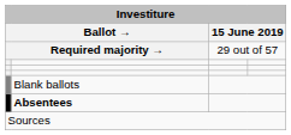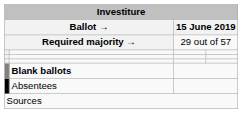 <table class="wikitable" style="text-align:center;">
 <tr bgcolor="#E9E9E9">
 <td colspan="4" align="center" bgcolor="#C0C0C0"><strong>Investiture</strong></td>
 </tr>
 <tr>
 <th colspan="2" width="275px">Ballot →</th>
 <th colspan="2">15 June 2019</th>
 </tr>
 <tr>
 <th colspan="2">Required majority →</th>
 <td colspan="2">29 out of 57</td>
 </tr>
 <tr>
 <th width="1px" style="background:"></th>
 <td align="left"></td>
 <td></td>
 <td></td>
 </tr>
 <tr>
 <th style="color:inherit;background:"></th>
 <td align="left"></td>
 <td></td>
 <td></td>
 </tr>
 <tr>
 <th style="color:inherit;background:"></th>
 <td align="left"></td>
 <td></td>
 <td></td>
 </tr>
 <tr>
 <th style="color:inherit;background:gray;"></th>
-<td align="left"><span>Blank ballots</span></td>
+<td align="left"><strong><span>Blank ballots</span></strong></td>
 <td colspan="2"></td>
 </tr>
 <tr>
 <th style="color:inherit;background:black;"></th>
-<td align="left"><strong><span>Absentees</span></strong></td>
+<td align="left"><span>Absentees</span></td>
 <td colspan="2"></td>
 </tr>
 <tr>
 <td align="left" colspan="4">Sources</td>
 </tr>
 </table>
